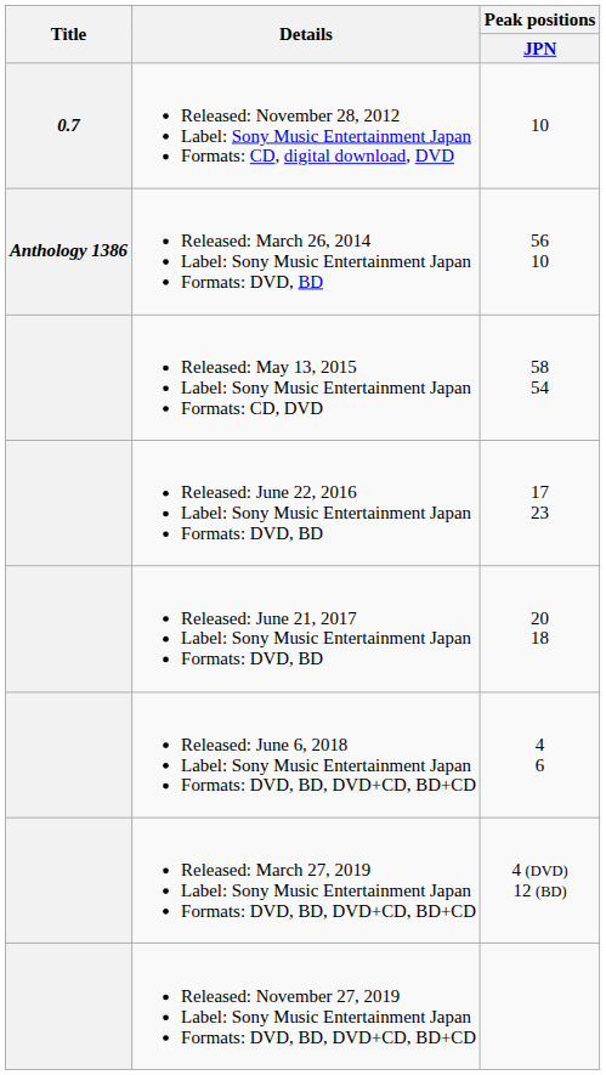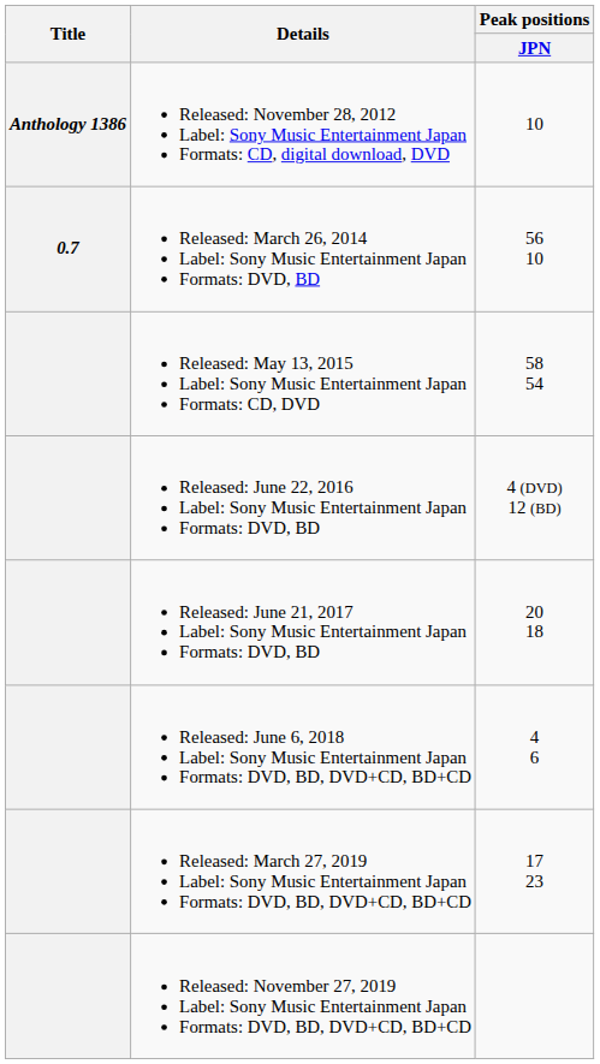 <table class="wikitable plainrowheaders">
 <tr>
 <th scope="col" rowspan="2">Title</th>
 <th scope="col" rowspan="2">Details</th>
 <th scope="col" colspan="1">Peak positions</th>
 </tr>
 <tr>
 <th scope="col"><a href='#'>JPN</a><br></th>
 </tr>
 <tr>
-<th scope="row"><em>0.7</em></th>
+<th scope="row"><em>Anthology 1386</em></th>
 <td><br><ul><li>Released: November 28, 2012</li><li>Label: <a href='#'>Sony Music Entertainment Japan</a></li><li>Formats: <a href='#'>CD</a>, <a href='#'>digital download</a>, <a href='#'>DVD</a></li></ul></td>
 <td align="center">10</td>
 </tr>
 <tr>
-<th scope="row"><em>Anthology 1386</em></th>
+<th scope="row"><em>0.7</em></th>
 <td><br><ul><li>Released: March 26, 2014</li><li>Label: Sony Music Entertainment Japan</li><li>Formats: DVD, <a href='#'>BD</a></li></ul></td>
 <td align="center">56 <br>10 </td>
 </tr>
 <tr>
 <th scope="row"></th>
 <td><br><ul><li>Released: May 13, 2015</li><li>Label: Sony Music Entertainment Japan</li><li>Formats: CD, DVD</li></ul></td>
 <td align="center">58 <br>54 </td>
 </tr>
 <tr>
 <th scope="row"></th>
 <td><br><ul><li>Released: June 22, 2016</li><li>Label: Sony Music Entertainment Japan</li><li>Formats: DVD, BD</li></ul></td>
-<td align="center">17 <br>23 </td>
+<td align="center">4 <small>(DVD)</small><br>12 <small>(BD)</small></td>
 </tr>
 <tr>
 <th scope="row"></th>
 <td><br><ul><li>Released: June 21, 2017</li><li>Label: Sony Music Entertainment Japan</li><li>Formats: DVD, BD</li></ul></td>
 <td align="center">20 <br>18 </td>
 </tr>
 <tr>
 <th scope="row"></th>
 <td><br><ul><li>Released: June 6, 2018</li><li>Label: Sony Music Entertainment Japan</li><li>Formats: DVD, BD, DVD+CD, BD+CD</li></ul></td>
 <td align="center">4 <br>6 </td>
 </tr>
 <tr>
 <th scope="row"></th>
 <td><br><ul><li>Released: March 27, 2019</li><li>Label: Sony Music Entertainment Japan</li><li>Formats: DVD, BD, DVD+CD, BD+CD</li></ul></td>
-<td align="center">4 <small>(DVD)</small><br>12 <small>(BD)</small></td>
+<td align="center">17 <br>23 </td>
 </tr>
 <tr>
 <th scope="row"></th>
 <td><br><ul><li>Released: November 27, 2019</li><li>Label: Sony Music Entertainment Japan</li><li>Formats: DVD, BD, DVD+CD, BD+CD</li></ul></td>
 <td></td>
 </tr>
 </table>
